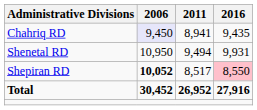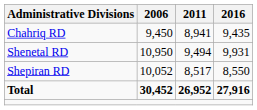 <table class="wikitable">
 <tr>
 <th>Administrative Divisions</th>
 <th>2006</th>
 <th>2011</th>
 <th>2016</th>
 </tr>
 <tr>
 <td><a href='#'>Chahriq RD</a></td>
-<td style="background: lavender; text-align: right;">9,450</td>
+<td style="text-align: right;">9,450</td>
 <td style="text-align: right;">8,941</td>
 <td style="text-align: right;">9,435</td>
 </tr>
 <tr>
 <td><a href='#'>Shenetal RD</a></td>
 <td style="text-align: right;">10,950</td>
 <td style="text-align: right;">9,494</td>
 <td style="text-align: right;">9,931</td>
 </tr>
 <tr>
 <td><a href='#'>Shepiran RD</a></td>
-<td style="text-align: right;"><strong>10,052</strong></td>
+<td style="text-align: right;">10,052</td>
 <td style="text-align: right;">8,517</td>
-<td style="background: pink; text-align: right;">8,550</td>
+<td style="text-align: right;">8,550</td>
 </tr>
 <tr>
 <td><strong>Total</strong></td>
 <td style="text-align: right;"><strong>30,452</strong></td>
 <td style="text-align: right;"><strong>26,952</strong></td>
 <td style="text-align: right;"><strong>27,916</strong></td>
 </tr>
 <tr>
 <td colspan=4></td>
 </tr>
 </table>
